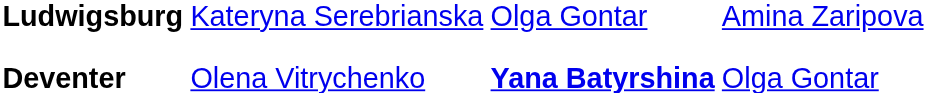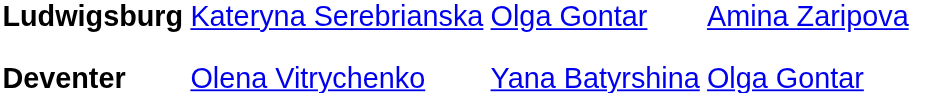 <table>
 <tr>
 <th scope=row style="text-align:left">Ludwigsburg</th>
 <td style="height:30px;"> <a href='#'>Kateryna Serebrianska</a></td>
 <td style="height:30px;"> <a href='#'>Olga Gontar</a></td>
 <td style="height:30px;"> <a href='#'>Amina Zaripova</a></td>
 </tr>
 <tr>
 <th scope=row style="text-align:left">Deventer</th>
 <td style="height:30px;"> <a href='#'>Olena Vitrychenko</a></td>
-<td style="height:30px;"><strong> <a href='#'>Yana Batyrshina</a></strong></td>
+<td style="height:30px;"> <a href='#'>Yana Batyrshina</a></td>
 <td style="height:30px;"> <a href='#'>Olga Gontar</a></td>
 </tr>
 <tr>
 </tr>
 </table>
